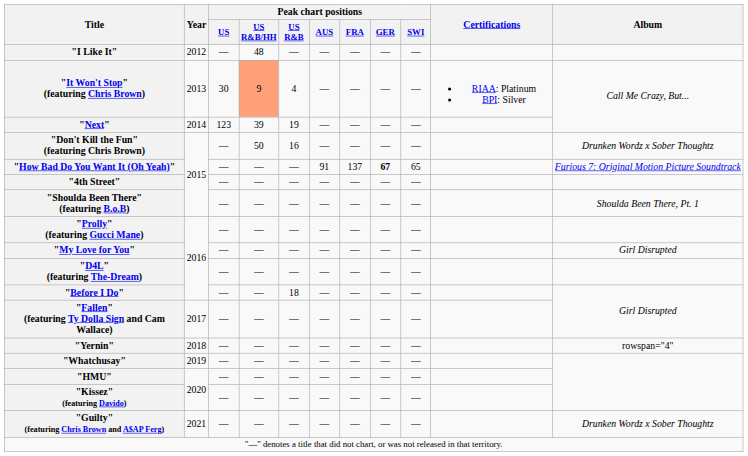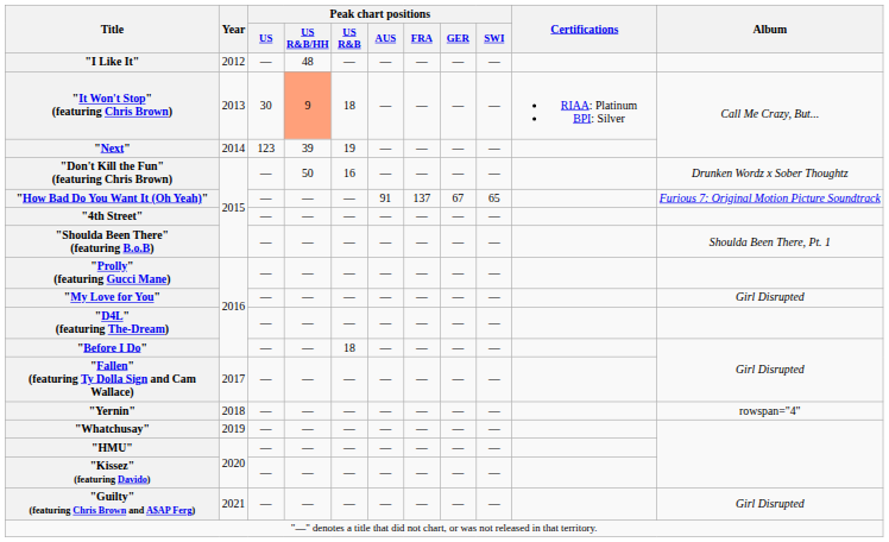 <table class="wikitable plainrowheaders" style="text-align:center;">
 <tr>
 <th scope="col" rowspan="2" style="width:18em;">Title</th>
 <th scope="col" rowspan="2">Year</th>
 <th scope="col" colspan="7">Peak chart positions</th>
 <th scope="col" rowspan="2" style="width:12em;"><a href='#'>Certifications</a></th>
 <th scope="col" rowspan="2">Album</th>
 </tr>
 <tr>
 <th scope="col" style="width:3em;font-size:90%;"><a href='#'>US</a><br></th>
 <th scope="col" style="width:3em;font-size:90%;"><a href='#'>US R&B/HH</a><br></th>
 <th scope="col" style="width:3em;font-size:90%;"><a href='#'>US R&B</a><br></th>
 <th scope="col" style="width:3em;font-size:90%;"><a href='#'>AUS</a><br></th>
 <th scope="col" style="width:3em;font-size:90%;"><a href='#'>FRA</a><br></th>
 <th scope="col" style="width:3em;font-size:90%;"><a href='#'>GER</a><br></th>
 <th scope="col" style="width:3em;font-size:90%;"><a href='#'>SWI</a><br></th>
 </tr>
 <tr>
 <th scope="row">"I Like It"</th>
 <td>2012</td>
 <td>—</td>
 <td>48</td>
 <td>—</td>
 <td>—</td>
 <td>—</td>
 <td>—</td>
 <td>—</td>
 <td></td>
 <td></td>
 </tr>
 <tr>
 <th scope="row">"<a href='#'>It Won't Stop</a>"<br><span>(featuring <a href='#'>Chris Brown</a>)</span></th>
 <td>2013</td>
 <td>30</td>
 <td style="background: lightsalmon;">9</td>
-<td>4</td>
+<td>18</td>
 <td>—</td>
 <td>—</td>
 <td>—</td>
 <td>—</td>
 <td><br><ul><li><a href='#'>RIAA</a>: Platinum</li><li><a href='#'>BPI</a>: Silver</li></ul></td>
 <td rowspan="2"><em>Call Me Crazy, But...</em></td>
 </tr>
 <tr>
 <th scope="row">"<a href='#'>Next</a>"</th>
 <td>2014</td>
 <td>123</td>
 <td>39</td>
 <td>19</td>
 <td>—</td>
 <td>—</td>
 <td>—</td>
 <td>—</td>
 </tr>
 <tr>
 <th scope="row">"Don't Kill the Fun"<br><span>(featuring Chris Brown)</span></th>
 <td rowspan="4">2015</td>
 <td>—</td>
 <td>50</td>
 <td>16</td>
 <td>—</td>
 <td>—</td>
 <td>—</td>
 <td>—</td>
 <td></td>
 <td rowspan="1"><em>Drunken Wordz x Sober Thoughtz</em></td>
 </tr>
 <tr>
 <th scope="row">"<a href='#'>How Bad Do You Want It (Oh Yeah)</a>"</th>
 <td>—</td>
 <td>—</td>
 <td>—</td>
 <td>91</td>
 <td>137</td>
-<td><strong>67</strong></td>
+<td>67</td>
 <td>65</td>
 <td></td>
 <td><em><a href='#'>Furious 7: Original Motion Picture Soundtrack</a></em></td>
 </tr>
 <tr>
 <th scope="row">"4th Street"</th>
 <td>—</td>
 <td>—</td>
 <td>—</td>
 <td>—</td>
 <td>—</td>
 <td>—</td>
 <td>—</td>
 <td></td>
 <td></td>
 </tr>
 <tr>
 <th scope="row">"Shoulda Been There"<br><span>(featuring <a href='#'>B.o.B</a>)</span></th>
 <td>—</td>
 <td>—</td>
 <td>—</td>
 <td>—</td>
 <td>—</td>
 <td>—</td>
 <td>—</td>
 <td></td>
 <td><em>Shoulda Been There, Pt. 1</em></td>
 </tr>
 <tr>
 <th scope="row">"<a href='#'>Prolly</a>"<br><span>(featuring <a href='#'>Gucci Mane</a>)</span></th>
 <td rowspan="4">2016</td>
 <td>—</td>
 <td>—</td>
 <td>—</td>
 <td>—</td>
 <td>—</td>
 <td>—</td>
 <td>—</td>
 <td></td>
 <td><em></em></td>
 </tr>
 <tr>
 <th scope="row">"<a href='#'>My Love for You</a>"</th>
 <td>—</td>
 <td>—</td>
 <td>—</td>
 <td>—</td>
 <td>—</td>
 <td>—</td>
 <td>—</td>
 <td></td>
 <td><em>Girl Disrupted</em></td>
 </tr>
 <tr>
 <th scope="row">"<a href='#'>D4L</a>"<br><span>(featuring <a href='#'>The-Dream</a>)</span></th>
 <td>—</td>
 <td>—</td>
 <td>—</td>
 <td>—</td>
 <td>—</td>
 <td>—</td>
 <td>—</td>
 <td></td>
 <td></td>
 </tr>
 <tr>
 <th scope="row">"<a href='#'>Before I Do</a>"</th>
 <td>—</td>
 <td>—</td>
 <td>18</td>
 <td>—</td>
 <td>—</td>
 <td>—</td>
 <td>—</td>
 <td></td>
 <td rowspan="2"><em>Girl Disrupted</em></td>
 </tr>
 <tr>
 <th scope="row">"<a href='#'>Fallen</a>"<br><span>(featuring <a href='#'>Ty Dolla Sign</a> and Cam Wallace)</span></th>
 <td>2017</td>
 <td>—</td>
 <td>—</td>
 <td>—</td>
 <td>—</td>
 <td>—</td>
 <td>—</td>
 <td>—</td>
 <td></td>
 </tr>
 <tr>
 <th scope="row">"Yernin"</th>
 <td>2018</td>
 <td>—</td>
 <td>—</td>
 <td>—</td>
 <td>—</td>
 <td>—</td>
 <td>—</td>
 <td>—</td>
 <td></td>
 <td>rowspan="4" </td>
 </tr>
 <tr>
 <th scope="row">"Whatchusay"</th>
 <td>2019</td>
 <td>—</td>
 <td>—</td>
 <td>—</td>
 <td>—</td>
 <td>—</td>
 <td>—</td>
 <td>—</td>
 <td></td>
 </tr>
 <tr>
 <th scope="row">"HMU"</th>
 <td rowspan="2">2020</td>
 <td>—</td>
 <td>—</td>
 <td>—</td>
 <td>—</td>
 <td>—</td>
 <td>—</td>
 <td>—</td>
 <td></td>
 </tr>
 <tr>
 <th scope="row">"Kissez"<br><small>(featuring <a href='#'>Davido</a>)</small></th>
 <td>—</td>
 <td>—</td>
 <td>—</td>
 <td>—</td>
 <td>—</td>
 <td>—</td>
 <td>—</td>
 <td></td>
 </tr>
 <tr>
 <th scope="row">"Guilty"<br><small>(featuring <a href='#'>Chris Brown</a> and <a href='#'>A$AP Ferg</a>)</small></th>
 <td>2021</td>
 <td>—</td>
 <td>—</td>
 <td>—</td>
 <td>—</td>
 <td>—</td>
 <td>—</td>
 <td>—</td>
 <td></td>
-<td rowspan="1"><em>Drunken Wordz x Sober Thoughtz</em></td>
+<td><em>Girl Disrupted</em></td>
 </tr>
 <tr>
 <td colspan="18" style="font-size:90%">"—" denotes a title that did not chart, or was not released in that territory.</td>
 </tr>
 </table>
